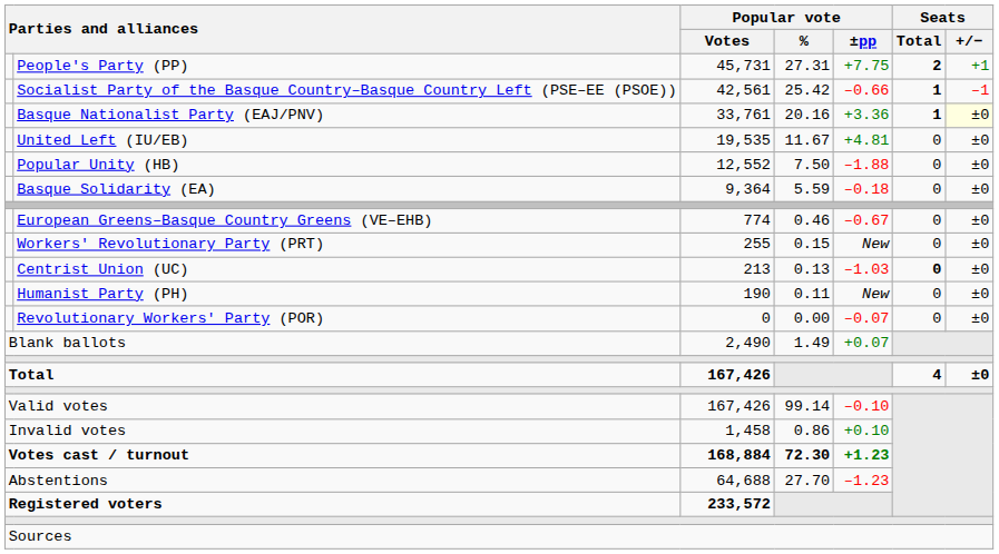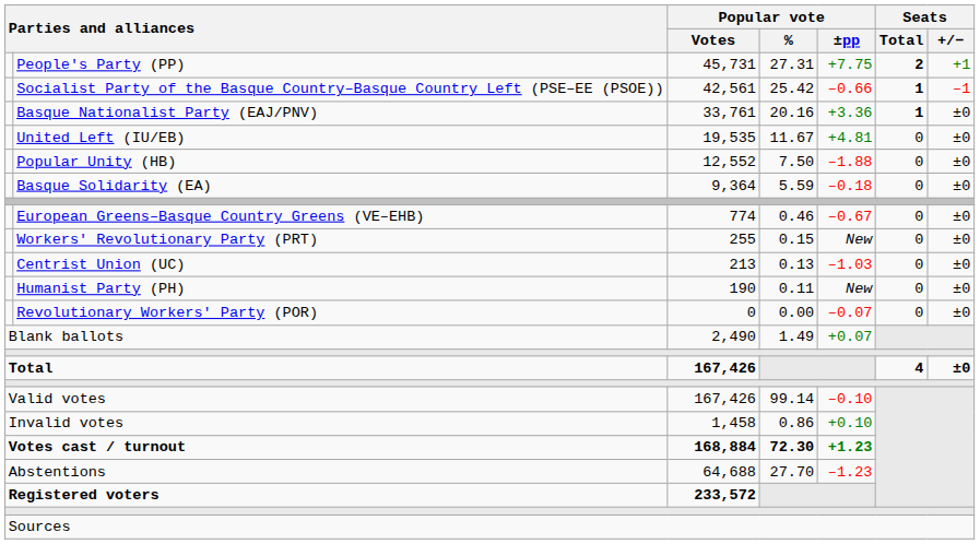 <table class="wikitable" style="text-align:right;">
 <tr>
 <th style="text-align:left;" rowspan="2" colspan="2" width="525">Parties and alliances</th>
 <th colspan="3">Popular vote</th>
 <th colspan="2">Seats</th>
 </tr>
 <tr>
 <th width="75">Votes</th>
 <th width="45">%</th>
 <th width="45">±<a href='#'>pp</a></th>
 <th width="35">Total</th>
 <th width="35">+/−</th>
 </tr>
 <tr>
 <td width="1" style="color:inherit;background:"></td>
 <td align="left"><a href='#'>People's Party</a> (PP)</td>
 <td>45,731</td>
 <td>27.31</td>
 <td style="color:green;">+7.75</td>
 <td><strong>2</strong></td>
 <td style="color:green;">+1</td>
 </tr>
 <tr>
 <td style="color:inherit;background:"></td>
 <td align="left"><a href='#'>Socialist Party of the Basque Country–Basque Country Left</a> (PSE–EE (PSOE))</td>
 <td>42,561</td>
 <td>25.42</td>
 <td style="color:red;">–0.66</td>
 <td><strong>1</strong></td>
 <td style="color:red;">–1</td>
 </tr>
 <tr>
 <td style="color:inherit;background:"></td>
 <td align="left"><a href='#'>Basque Nationalist Party</a> (EAJ/PNV)</td>
 <td>33,761</td>
 <td>20.16</td>
 <td style="color:green;">+3.36</td>
 <td><strong>1</strong></td>
-<td style="background: lightyellow;">±0</td>
+<td>±0</td>
 </tr>
 <tr>
 <td style="color:inherit;background:"></td>
 <td align="left"><a href='#'>United Left</a> (IU/EB)</td>
 <td>19,535</td>
 <td>11.67</td>
 <td style="color:green;">+4.81</td>
 <td>0</td>
 <td>±0</td>
 </tr>
 <tr>
 <td style="color:inherit;background:"></td>
 <td align="left"><a href='#'>Popular Unity</a> (HB)</td>
 <td>12,552</td>
 <td>7.50</td>
 <td style="color:red;">–1.88</td>
 <td>0</td>
 <td>±0</td>
 </tr>
 <tr>
 <td style="color:inherit;background:"></td>
 <td align="left"><a href='#'>Basque Solidarity</a> (EA)</td>
 <td>9,364</td>
 <td>5.59</td>
 <td style="color:red;">–0.18</td>
 <td>0</td>
 <td>±0</td>
 </tr>
 <tr>
 <td colspan="7" bgcolor="#C0C0C0"></td>
 </tr>
 <tr>
 <td style="color:inherit;background:"></td>
 <td align="left"><a href='#'>European Greens–Basque Country Greens</a> (VE–EHB)</td>
 <td>774</td>
 <td>0.46</td>
 <td style="color:red;">–0.67</td>
 <td>0</td>
 <td>±0</td>
 </tr>
 <tr>
 <td style="color:inherit;background:"></td>
 <td align="left"><a href='#'>Workers' Revolutionary Party</a> (PRT)</td>
 <td>255</td>
 <td>0.15</td>
 <td><em>New</em></td>
 <td>0</td>
 <td>±0</td>
 </tr>
 <tr>
 <td style="color:inherit;background:"></td>
 <td align="left"><a href='#'>Centrist Union</a> (UC)</td>
 <td>213</td>
 <td>0.13</td>
 <td style="color:red;">–1.03</td>
-<td><strong>0</strong></td>
+<td>0</td>
 <td>±0</td>
 </tr>
 <tr>
 <td style="color:inherit;background:"></td>
 <td align="left"><a href='#'>Humanist Party</a> (PH)</td>
 <td>190</td>
 <td>0.11</td>
 <td><em>New</em></td>
 <td>0</td>
 <td>±0</td>
 </tr>
 <tr>
 <td style="color:inherit;background:"></td>
 <td align="left"><a href='#'>Revolutionary Workers' Party</a> (POR)</td>
 <td>0</td>
 <td>0.00</td>
 <td style="color:red;">–0.07</td>
 <td>0</td>
 <td>±0</td>
 </tr>
 <tr>
 <td align="left" colspan="2">Blank ballots</td>
 <td>2,490</td>
 <td>1.49</td>
 <td style="color:green;">+0.07</td>
 <td bgcolor="#E9E9E9" colspan="2"></td>
 </tr>
 <tr>
 <td colspan="7" bgcolor="#E9E9E9"></td>
 </tr>
 <tr style="font-weight:bold;">
 <td align="left" colspan="2">Total</td>
 <td>167,426</td>
 <td bgcolor="#E9E9E9" colspan="2"></td>
 <td>4</td>
 <td>±0</td>
 </tr>
 <tr>
 <td colspan="7" bgcolor="#E9E9E9"></td>
 </tr>
 <tr>
 <td align="left" colspan="2">Valid votes</td>
 <td>167,426</td>
 <td>99.14</td>
 <td style="color:red;">–0.10</td>
 <td bgcolor="#E9E9E9" colspan="2" rowspan="5"></td>
 </tr>
 <tr>
 <td align="left" colspan="2">Invalid votes</td>
 <td>1,458</td>
 <td>0.86</td>
 <td style="color:green;">+0.10</td>
 </tr>
 <tr style="font-weight:bold;">
 <td align="left" colspan="2">Votes cast / turnout</td>
 <td>168,884</td>
 <td>72.30</td>
 <td style="color:green;">+1.23</td>
 </tr>
 <tr>
 <td align="left" colspan="2">Abstentions</td>
 <td>64,688</td>
 <td>27.70</td>
 <td style="color:red;">–1.23</td>
 </tr>
 <tr style="font-weight:bold;">
 <td align="left" colspan="2">Registered voters</td>
 <td>233,572</td>
 <td bgcolor="#E9E9E9" colspan="2"></td>
 </tr>
 <tr>
 <td colspan="7" bgcolor="#E9E9E9"></td>
 </tr>
 <tr>
 <td align="left" colspan="7">Sources</td>
 </tr>
 </table>
